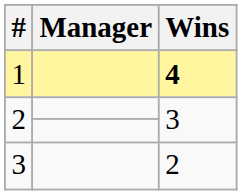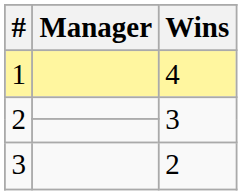 <table class="wikitable sortable">
 <tr>
 <th>#</th>
 <th>Manager</th>
 <th>Wins</th>
 </tr>
 <tr style="background:#FFF69F">
 <td>1</td>
 <td></td>
-<td><strong>4</strong></td>
+<td>4</td>
 </tr>
 <tr>
 <td rowspan="2">2</td>
 <td></td>
 <td rowspan="2">3</td>
 </tr>
 <tr>
 <td></td>
 </tr>
 <tr>
 <td>3</td>
 <td></td>
 <td>2</td>
 </tr>
 </table>
